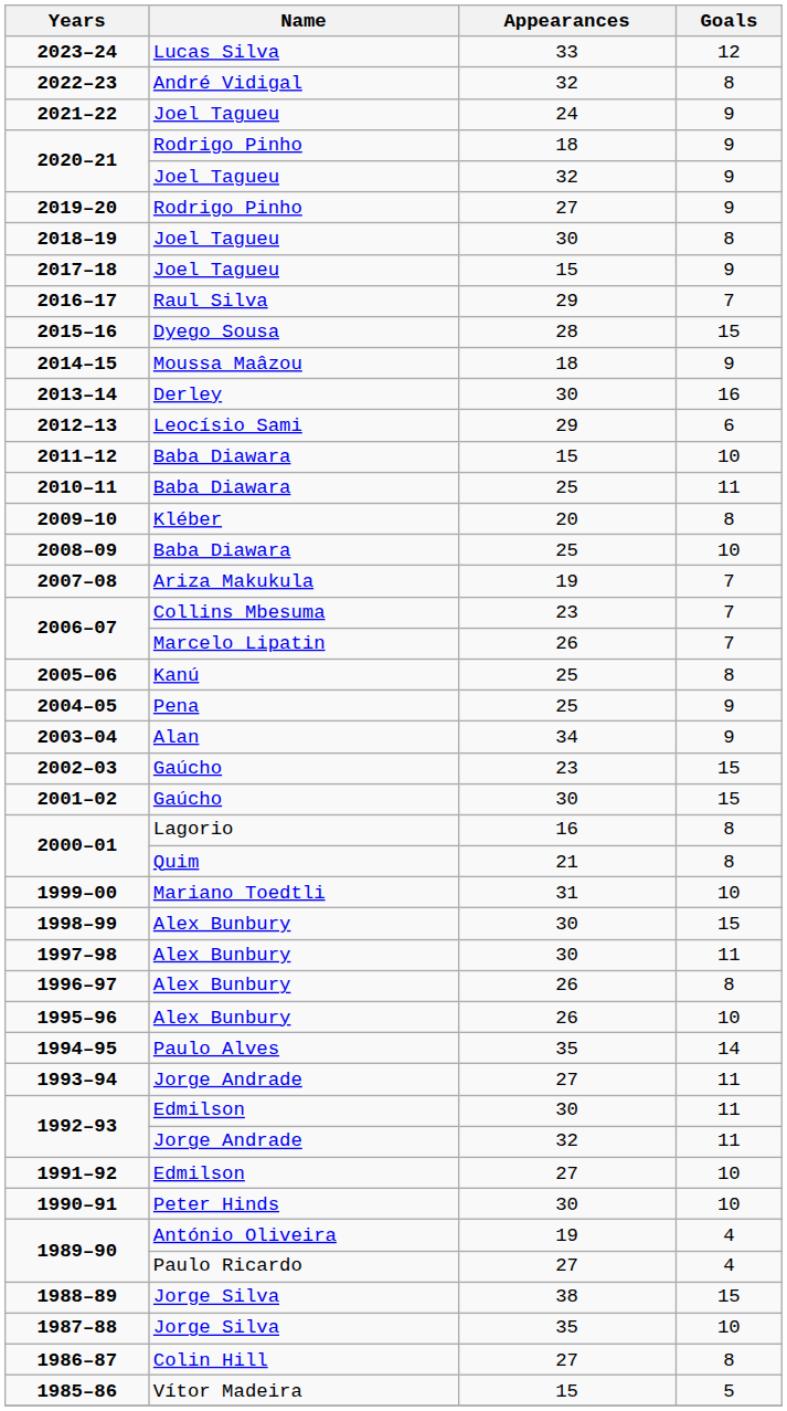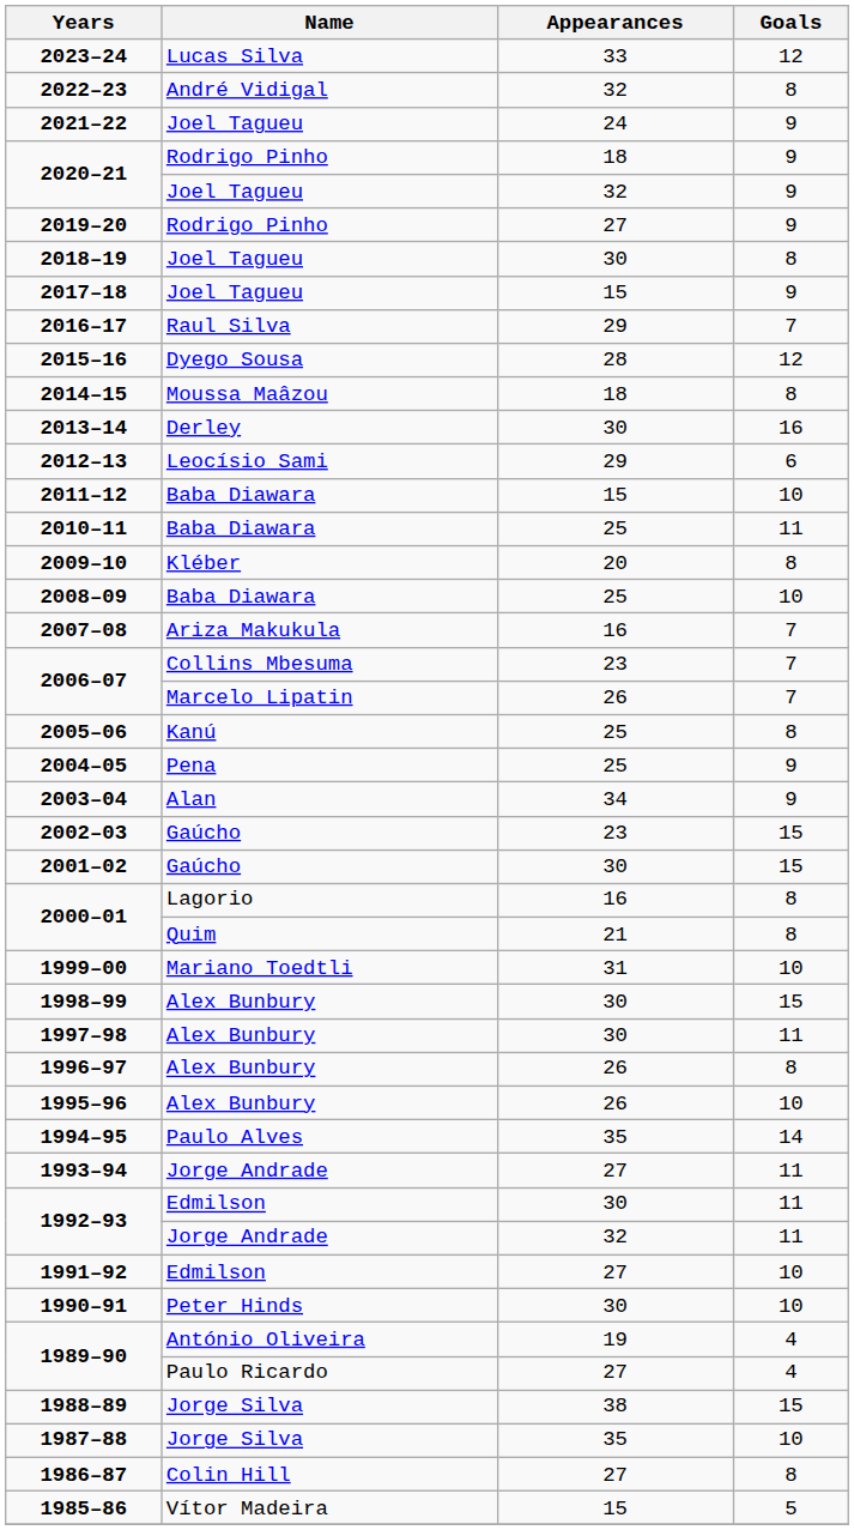 <table class="wikitable sortable" style="width:60%; align:center; text-align:center">
 <tr>
 <th>Years</th>
 <th class="unsortable">Name</th>
 <th>Appearances</th>
 <th>Goals</th>
 </tr>
 <tr>
 <td><strong>2023–24</strong></td>
 <td align="left"> <a href='#'>Lucas Silva</a></td>
 <td>33</td>
 <td>12</td>
 </tr>
 <tr>
 <td><strong>2022–23</strong></td>
 <td align="left"> <a href='#'>André Vidigal</a></td>
 <td>32</td>
 <td>8</td>
 </tr>
 <tr>
 <td><strong>2021–22</strong></td>
 <td align="left"> <a href='#'>Joel Tagueu</a></td>
 <td>24</td>
 <td>9</td>
 </tr>
 <tr>
 <td rowspan=2><strong>2020–21</strong></td>
 <td align="left"> <a href='#'>Rodrigo Pinho</a></td>
 <td>18</td>
 <td>9</td>
 </tr>
 <tr>
 <td align="left"> <a href='#'>Joel Tagueu</a></td>
 <td>32</td>
 <td>9</td>
 </tr>
 <tr>
 <td><strong>2019–20</strong></td>
 <td align="left"> <a href='#'>Rodrigo Pinho</a></td>
 <td>27</td>
 <td>9</td>
 </tr>
 <tr>
 <td><strong>2018–19</strong></td>
 <td align="left"> <a href='#'>Joel Tagueu</a></td>
 <td>30</td>
 <td>8</td>
 </tr>
 <tr>
 <td><strong>2017–18</strong></td>
 <td align="left"> <a href='#'>Joel Tagueu</a></td>
 <td>15</td>
 <td>9</td>
 </tr>
 <tr>
 <td><strong>2016–17</strong></td>
 <td align="left"> <a href='#'>Raul Silva</a></td>
 <td>29</td>
 <td>7</td>
 </tr>
 <tr>
 <td><strong>2015–16</strong></td>
 <td align="left"> <a href='#'>Dyego Sousa</a></td>
 <td>28</td>
-<td>15</td>
+<td>12</td>
 </tr>
 <tr>
 <td><strong>2014–15</strong></td>
 <td align="left"> <a href='#'>Moussa Maâzou</a></td>
 <td>18</td>
-<td>9</td>
+<td>8</td>
 </tr>
 <tr>
 <td><strong>2013–14</strong></td>
 <td align="left"> <a href='#'>Derley</a></td>
 <td>30</td>
 <td>16</td>
 </tr>
 <tr>
 <td><strong>2012–13</strong></td>
 <td align="left"> <a href='#'>Leocísio Sami</a></td>
 <td>29</td>
 <td>6</td>
 </tr>
 <tr>
 <td><strong>2011–12</strong></td>
 <td align="left"> <a href='#'>Baba Diawara</a></td>
 <td>15</td>
 <td>10</td>
 </tr>
 <tr>
 <td><strong>2010–11</strong></td>
 <td align="left"> <a href='#'>Baba Diawara</a></td>
 <td>25</td>
 <td>11</td>
 </tr>
 <tr>
 <td><strong>2009–10</strong></td>
 <td align="left"> <a href='#'>Kléber</a></td>
 <td>20</td>
 <td>8</td>
 </tr>
 <tr>
 <td><strong>2008–09</strong></td>
 <td align="left"> <a href='#'>Baba Diawara</a></td>
 <td>25</td>
 <td>10</td>
 </tr>
 <tr>
 <td><strong>2007–08</strong></td>
 <td align="left"> <a href='#'>Ariza Makukula</a></td>
-<td>19</td>
+<td>16</td>
 <td>7</td>
 </tr>
 <tr>
 <td rowspan=2><strong>2006–07</strong></td>
 <td align="left"> <a href='#'>Collins Mbesuma</a></td>
 <td>23</td>
 <td>7</td>
 </tr>
 <tr>
 <td align="left"> <a href='#'>Marcelo Lipatin</a></td>
 <td>26</td>
 <td>7</td>
 </tr>
 <tr>
 <td><strong>2005–06</strong></td>
 <td align="left"> <a href='#'>Kanú</a></td>
 <td>25</td>
 <td>8</td>
 </tr>
 <tr>
 <td><strong>2004–05</strong></td>
 <td align="left"> <a href='#'>Pena</a></td>
 <td>25</td>
 <td>9</td>
 </tr>
 <tr>
 <td><strong>2003–04</strong></td>
 <td align="left"> <a href='#'>Alan</a></td>
 <td>34</td>
 <td>9</td>
 </tr>
 <tr>
 <td><strong>2002–03</strong></td>
 <td align="left"> <a href='#'>Gaúcho</a></td>
 <td>23</td>
 <td>15</td>
 </tr>
 <tr>
 <td><strong>2001–02</strong></td>
 <td align="left"> <a href='#'>Gaúcho</a></td>
 <td>30</td>
 <td>15</td>
 </tr>
 <tr>
 <td rowspan=2><strong>2000–01</strong></td>
 <td align="left"> Lagorio</td>
 <td>16</td>
 <td>8</td>
 </tr>
 <tr>
 <td align="left"> <a href='#'>Quim</a></td>
 <td>21</td>
 <td>8</td>
 </tr>
 <tr>
 <td><strong>1999–00</strong></td>
 <td align="left"> <a href='#'>Mariano Toedtli</a></td>
 <td>31</td>
 <td>10</td>
 </tr>
 <tr>
 <td><strong>1998–99</strong></td>
 <td align="left"> <a href='#'>Alex Bunbury</a></td>
 <td>30</td>
 <td>15</td>
 </tr>
 <tr>
 <td><strong>1997–98</strong></td>
 <td align="left"> <a href='#'>Alex Bunbury</a></td>
 <td>30</td>
 <td>11</td>
 </tr>
 <tr>
 <td><strong>1996–97</strong></td>
 <td align="left"> <a href='#'>Alex Bunbury</a></td>
 <td>26</td>
 <td>8</td>
 </tr>
 <tr>
 <td><strong>1995–96</strong></td>
 <td align="left"> <a href='#'>Alex Bunbury</a></td>
 <td>26</td>
 <td>10</td>
 </tr>
 <tr>
 <td><strong>1994–95</strong></td>
 <td align="left"> <a href='#'>Paulo Alves</a></td>
 <td>35</td>
 <td>14</td>
 </tr>
 <tr>
 <td><strong>1993–94</strong></td>
 <td align="left"> <a href='#'>Jorge Andrade</a></td>
 <td>27</td>
 <td>11</td>
 </tr>
 <tr>
 <td rowspan=2><strong>1992–93</strong></td>
 <td align="left"> <a href='#'>Edmilson</a></td>
 <td>30</td>
 <td>11</td>
 </tr>
 <tr>
 <td align="left"> <a href='#'>Jorge Andrade</a></td>
 <td>32</td>
 <td>11</td>
 </tr>
 <tr>
 <td><strong>1991–92</strong></td>
 <td align="left"> <a href='#'>Edmilson</a></td>
 <td>27</td>
 <td>10</td>
 </tr>
 <tr>
 <td><strong>1990–91</strong></td>
 <td align="left"> <a href='#'>Peter Hinds</a></td>
 <td>30</td>
 <td>10</td>
 </tr>
 <tr>
 <td rowspan=2><strong>1989–90</strong></td>
 <td align="left"> <a href='#'>António Oliveira</a></td>
 <td>19</td>
 <td>4</td>
 </tr>
 <tr>
 <td align="left"> Paulo Ricardo</td>
 <td>27</td>
 <td>4</td>
 </tr>
 <tr>
 <td><strong>1988–89</strong></td>
 <td align="left"> <a href='#'>Jorge Silva</a></td>
 <td>38</td>
 <td>15</td>
 </tr>
 <tr>
 <td><strong>1987–88</strong></td>
 <td align="left"> <a href='#'>Jorge Silva</a></td>
 <td>35</td>
 <td>10</td>
 </tr>
 <tr>
 <td><strong>1986–87</strong></td>
 <td align="left"> <a href='#'>Colin Hill</a></td>
 <td>27</td>
 <td>8</td>
 </tr>
 <tr>
 <td><strong>1985–86</strong></td>
 <td align="left"> Vítor Madeira</td>
 <td>15</td>
 <td>5</td>
 </tr>
 <tr>
 </tr>
 </table>
